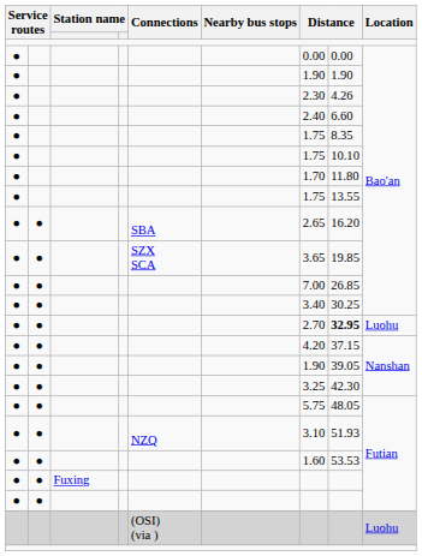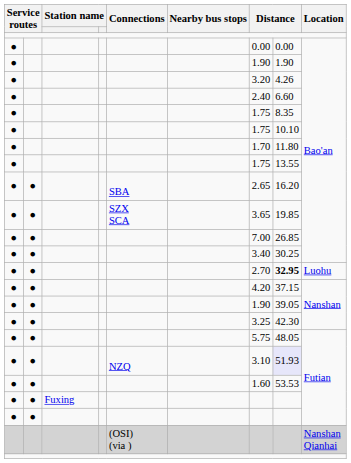 <table class="wikitable">
 <tr>
 <th rowspan="2" colspan="2">Service<br>routes</th>
 <th colspan="2">Station name</th>
 <th rowspan="2">Connections</th>
 <th rowspan="2">Nearby bus stops</th>
 <th colspan="2" rowspan="2">Distance<br></th>
 <th rowspan="2">Location</th>
 </tr>
 <tr>
 <th></th>
 <th></th>
 </tr>
 <tr style="background:#">
 <td colspan="9"></td>
 </tr>
 <tr>
 <td align="center">●</td>
 <td align="center"></td>
 <td></td>
 <td></td>
 <td></td>
 <td></td>
 <td>0.00</td>
 <td>0.00</td>
 <td rowspan="12"><a href='#'>Bao'an</a></td>
 </tr>
 <tr>
 <td align="center">●</td>
 <td align="center"></td>
 <td></td>
 <td></td>
 <td> </td>
 <td></td>
 <td>1.90</td>
 <td>1.90</td>
 </tr>
 <tr>
 <td align="center">●</td>
 <td align="center"></td>
 <td></td>
 <td></td>
 <td></td>
 <td></td>
-<td>2.30</td>
+<td>3.20</td>
 <td>4.26</td>
 </tr>
 <tr>
 <td align="center">●</td>
 <td align="center"></td>
 <td></td>
 <td></td>
 <td></td>
 <td></td>
 <td>2.40</td>
 <td>6.60</td>
 </tr>
 <tr>
 <td align="center">●</td>
 <td align="center"></td>
 <td></td>
 <td></td>
 <td></td>
 <td></td>
 <td>1.75</td>
 <td>8.35</td>
 </tr>
 <tr>
 <td align="center">●</td>
 <td align="center"></td>
 <td></td>
 <td></td>
 <td></td>
 <td></td>
 <td>1.75</td>
 <td>10.10</td>
 </tr>
 <tr>
 <td align="center">●</td>
 <td align="center"></td>
 <td></td>
 <td></td>
 <td></td>
 <td></td>
 <td>1.70</td>
 <td>11.80</td>
 </tr>
 <tr>
 <td align="center">●</td>
 <td align="center"></td>
 <td></td>
 <td></td>
 <td></td>
 <td></td>
 <td>1.75</td>
 <td>13.55</td>
 </tr>
 <tr>
 <td align="center">●</td>
 <td align="center">●</td>
 <td></td>
 <td></td>
 <td><br> <a href='#'>SBA</a></td>
 <td></td>
 <td>2.65</td>
 <td>16.20</td>
 </tr>
 <tr>
 <td align="center">●</td>
 <td align="center">●</td>
 <td></td>
 <td></td>
 <td> <a href='#'>SZX</a><br> <a href='#'>SCA</a></td>
 <td></td>
 <td>3.65</td>
 <td>19.85</td>
 </tr>
 <tr>
 <td align="center">●</td>
 <td align="center">●</td>
 <td></td>
 <td></td>
 <td></td>
 <td></td>
 <td>7.00</td>
 <td>26.85</td>
 </tr>
 <tr>
 <td align="center">●</td>
 <td align="center">●</td>
 <td></td>
 <td></td>
 <td></td>
 <td></td>
 <td>3.40</td>
 <td>30.25</td>
 </tr>
 <tr>
 <td align="center">●</td>
 <td align="center">●</td>
 <td></td>
 <td></td>
 <td> </td>
 <td></td>
 <td>2.70</td>
 <td><strong>32.95</strong></td>
 <td rowspan="1"><a href='#'>Luohu</a></td>
 </tr>
 <tr>
 <td align="center">●</td>
 <td align="center">●</td>
 <td></td>
 <td></td>
 <td></td>
 <td></td>
 <td>4.20</td>
 <td>37.15</td>
 <td rowspan="3"><a href='#'>Nanshan</a></td>
 </tr>
 <tr>
 <td align="center">●</td>
 <td align="center">●</td>
 <td></td>
 <td></td>
 <td>  </td>
 <td></td>
 <td>1.90</td>
 <td>39.05</td>
 </tr>
 <tr>
 <td align="center">●</td>
 <td align="center">●</td>
 <td></td>
 <td></td>
 <td> </td>
 <td></td>
 <td>3.25</td>
 <td>42.30</td>
 </tr>
 <tr>
 <td align="center">●</td>
 <td align="center">●</td>
 <td></td>
 <td></td>
 <td>  </td>
 <td></td>
 <td>5.75</td>
 <td>48.05</td>
 <td rowspan="5"><a href='#'>Futian</a></td>
 </tr>
 <tr>
 <td align="center">●</td>
 <td align="center">●</td>
 <td></td>
 <td></td>
 <td>  <br>  <a href='#'>NZQ</a></td>
 <td></td>
 <td>3.10</td>
-<td>51.93</td>
+<td style="background: lavender;">51.93</td>
 </tr>
 <tr>
 <td align="center">●</td>
 <td align="center">●</td>
 <td></td>
 <td></td>
 <td> <br> </td>
 <td></td>
 <td>1.60</td>
 <td>53.53</td>
 </tr>
 <tr>
 <td align="center">●</td>
 <td align="center">●</td>
 <td><a href='#'>Fuxing</a></td>
 <td></td>
 <td></td>
 <td></td>
 <td></td>
 <td></td>
 </tr>
 <tr>
 <td align="center">●</td>
 <td align="center">●</td>
 <td></td>
 <td></td>
 <td></td>
 <td></td>
 <td></td>
 <td></td>
 </tr>
 <tr bgcolor="lightgrey">
 <td></td>
 <td></td>
 <td><em></em></td>
 <td></td>
 <td> (OSI)<br>    (via )</td>
 <td></td>
 <td></td>
 <td></td>
-<td rowspan="1"><a href='#'>Luohu</a></td>
+<td><a href='#'>Nanshan</a><br><a href='#'>Qianhai</a></td>
 </tr>
 <tr style="background:#">
 <td colspan="9"></td>
 </tr>
 </table>
